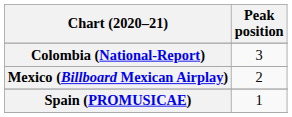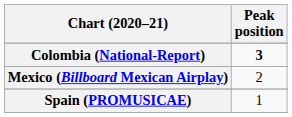 <table class="wikitable sortable plainrowheaders" style="text-align:center">
 <tr>
 <th scope="col">Chart (2020–21)</th>
 <th scope="col">Peak<br>position</th>
 </tr>
 <tr>
 </tr>
 <tr>
 <th scope="row">Colombia (<a href='#'>National-Report</a>)</th>
-<td>3</td>
+<td><strong>3</strong></td>
 </tr>
 <tr>
 </tr>
 <tr>
 </tr>
 <tr>
 </tr>
 <tr>
 <th scope="row">Mexico (<a href='#'><em>Billboard</em> Mexican Airplay</a>)</th>
 <td>2</td>
 </tr>
 <tr>
 </tr>
 <tr>
 <th scope="row">Spain (<a href='#'>PROMUSICAE</a>)</th>
 <td>1</td>
 </tr>
 <tr>
 </tr>
 <tr>
 </tr>
 <tr>
 </tr>
 <tr>
 </tr>
 <tr>
 </tr>
 <tr>
 </tr>
 </table>
